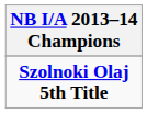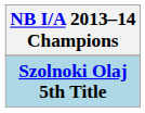 <table class="wikitable" style="text-align: center; margin: 0 auto;">
 <tr>
 <th><a href='#'>NB I/A</a> 2013–14<br>Champions</th>
 </tr>
 <tr>
 </tr>
 <tr>
-<td><strong><a href='#'>Szolnoki Olaj</a></strong><br><strong>5th Title</strong></td>
+<td style="background: lightblue;"><strong><a href='#'>Szolnoki Olaj</a></strong><br><strong>5th Title</strong></td>
 </tr>
 </table>
